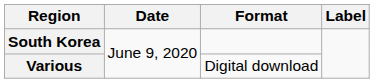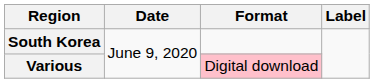 <table class="wikitable plainrowheaders">
 <tr>
 <th>Region</th>
 <th>Date</th>
 <th>Format</th>
 <th>Label</th>
 </tr>
 <tr>
 <th scope="row">South Korea</th>
 <td rowspan="2">June 9, 2020</td>
 <td></td>
 <td rowspan="2"></td>
 </tr>
 <tr>
 <th scope="row">Various</th>
-<td>Digital download</td>
+<td style="background: pink;">Digital download</td>
 </tr>
 </table>
